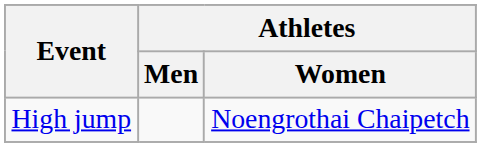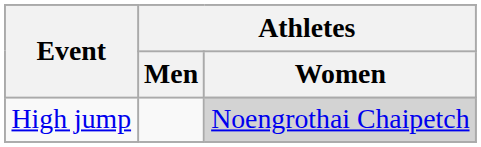 <table class=wikitable style="font-size:90%">
 <tr>
 <th rowspan=2>Event</th>
 <th colspan=2>Athletes</th>
 </tr>
 <tr>
 <th>Men</th>
 <th>Women</th>
 </tr>
 <tr>
 <td><a href='#'>High jump</a></td>
 <td></td>
-<td><a href='#'>Noengrothai Chaipetch</a></td>
+<td style="background: lightgrey;"><a href='#'>Noengrothai Chaipetch</a></td>
 </tr>
 </table>
